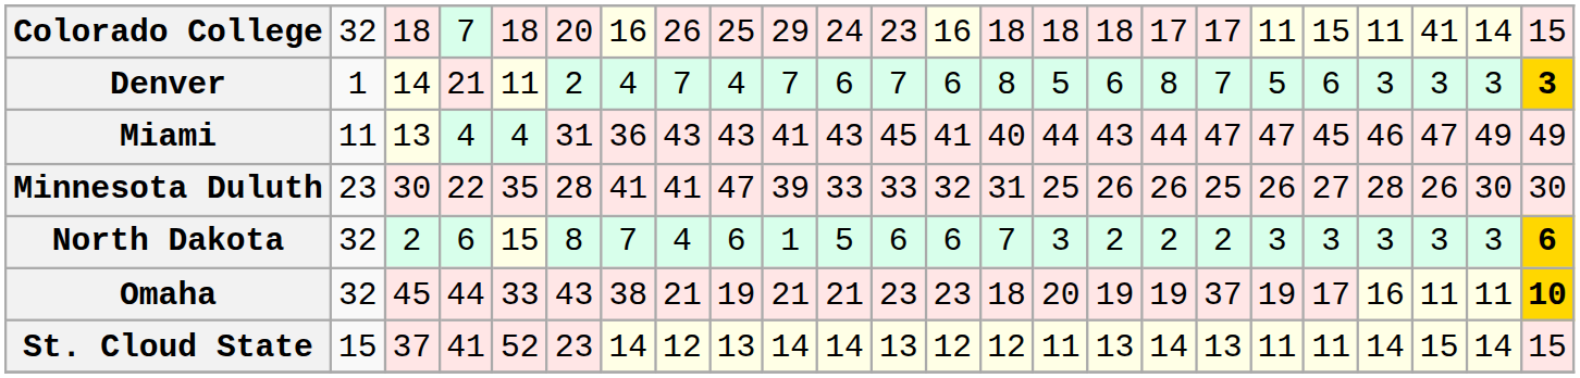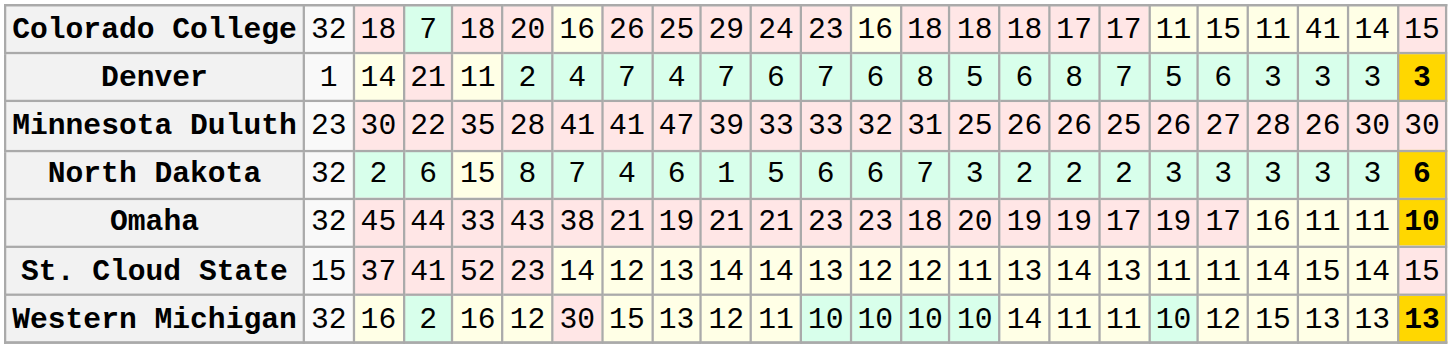 <table class="wikitable sortable" style="text-align: center;">
 <tr>
 </tr>
 <tr>
 <th>Colorado College</th>
 <td>32</td>
 <td bgcolor=FFE6E6>18</td>
 <td bgcolor=D8FFEB>7</td>
 <td bgcolor=FFE6E6>18</td>
 <td bgcolor=FFE6E6>20</td>
 <td bgcolor=FFFFE6>16</td>
 <td bgcolor=FFE6E6>26</td>
 <td bgcolor=FFE6E6>25</td>
 <td bgcolor=FFE6E6>29</td>
 <td bgcolor=FFE6E6>24</td>
 <td bgcolor=FFE6E6>23</td>
 <td bgcolor=FFFFE6>16</td>
 <td bgcolor=FFE6E6>18</td>
 <td bgcolor=FFE6E6>18</td>
 <td bgcolor=FFE6E6>18</td>
 <td bgcolor=FFE6E6>17</td>
 <td bgcolor=FFE6E6>17</td>
 <td bgcolor=FFFFE6>11</td>
 <td bgcolor=FFFFE6>15</td>
 <td bgcolor=FFFFE6>11</td>
 <td bgcolor=FFFFE6>41</td>
 <td bgcolor=FFFFE6>14</td>
 <td bgcolor=FFE6E6>15</td>
 </tr>
 <tr>
 <th>Denver</th>
 <td>1</td>
 <td bgcolor=FFFFE6>14</td>
 <td bgcolor=FFE6E6>21</td>
 <td bgcolor=FFFFE6>11</td>
 <td bgcolor=D8FFEB>2</td>
 <td bgcolor=D8FFEB>4</td>
 <td bgcolor=D8FFEB>7</td>
 <td bgcolor=D8FFEB>4</td>
 <td bgcolor=D8FFEB>7</td>
 <td bgcolor=D8FFEB>6</td>
 <td bgcolor=D8FFEB>7</td>
 <td bgcolor=D8FFEB>6</td>
 <td bgcolor=D8FFEB>8</td>
 <td bgcolor=D8FFEB>5</td>
 <td bgcolor=D8FFEB>6</td>
 <td bgcolor=D8FFEB>8</td>
 <td bgcolor=D8FFEB>7</td>
 <td bgcolor=D8FFEB>5</td>
 <td bgcolor=D8FFEB>6</td>
 <td bgcolor=D8FFEB>3</td>
 <td bgcolor=D8FFEB>3</td>
 <td bgcolor=D8FFEB>3</td>
 <td bgcolor=gold><strong>3</strong></td>
-</tr>
-<tr>
-<th>Miami</th>
-<td>11</td>
-<td bgcolor=FFFFE6>13</td>
-<td bgcolor=D8FFEB>4</td>
-<td bgcolor=D8FFEB>4</td>
-<td bgcolor=FFE6E6>31</td>
-<td bgcolor=FFE6E6>36</td>
-<td bgcolor=FFE6E6>43</td>
-<td bgcolor=FFE6E6>43</td>
-<td bgcolor=FFE6E6>41</td>
-<td bgcolor=FFE6E6>43</td>
-<td bgcolor=FFE6E6>45</td>
-<td bgcolor=FFE6E6>41</td>
-<td bgcolor=FFE6E6>40</td>
-<td bgcolor=FFE6E6>44</td>
-<td bgcolor=FFE6E6>43</td>
-<td bgcolor=FFE6E6>44</td>
-<td bgcolor=FFE6E6>47</td>
-<td bgcolor=FFE6E6>47</td>
-<td bgcolor=FFE6E6>45</td>
-<td bgcolor=FFE6E6>46</td>
-<td bgcolor=FFE6E6>47</td>
-<td bgcolor=FFE6E6>49</td>
-<td bgcolor=FFE6E6>49</td>
 </tr>
 <tr>
 <th>Minnesota Duluth</th>
 <td>23</td>
 <td bgcolor=FFE6E6>30</td>
 <td bgcolor=FFE6E6>22</td>
 <td bgcolor=FFE6E6>35</td>
 <td bgcolor=FFE6E6>28</td>
 <td bgcolor=FFE6E6>41</td>
 <td bgcolor=FFE6E6>41</td>
 <td bgcolor=FFE6E6>47</td>
 <td bgcolor=FFE6E6>39</td>
 <td bgcolor=FFE6E6>33</td>
 <td bgcolor=FFE6E6>33</td>
 <td bgcolor=FFE6E6>32</td>
 <td bgcolor=FFE6E6>31</td>
 <td bgcolor=FFE6E6>25</td>
 <td bgcolor=FFE6E6>26</td>
 <td bgcolor=FFE6E6>26</td>
 <td bgcolor=FFE6E6>25</td>
 <td bgcolor=FFE6E6>26</td>
 <td bgcolor=FFE6E6>27</td>
 <td bgcolor=FFE6E6>28</td>
 <td bgcolor=FFE6E6>26</td>
 <td bgcolor=FFE6E6>30</td>
 <td bgcolor=FFE6E6>30</td>
 </tr>
 <tr>
 <th>North Dakota</th>
 <td>32</td>
 <td bgcolor=D8FFEB>2</td>
 <td bgcolor=D8FFEB>6</td>
 <td bgcolor=FFFFE6>15</td>
 <td bgcolor=D8FFEB>8</td>
 <td bgcolor=D8FFEB>7</td>
 <td bgcolor=D8FFEB>4</td>
 <td bgcolor=D8FFEB>6</td>
 <td bgcolor=D8FFEB>1</td>
 <td bgcolor=D8FFEB>5</td>
 <td bgcolor=D8FFEB>6</td>
 <td bgcolor=D8FFEB>6</td>
 <td bgcolor=D8FFEB>7</td>
 <td bgcolor=D8FFEB>3</td>
 <td bgcolor=D8FFEB>2</td>
 <td bgcolor=D8FFEB>2</td>
 <td bgcolor=D8FFEB>2</td>
 <td bgcolor=D8FFEB>3</td>
 <td bgcolor=D8FFEB>3</td>
 <td bgcolor=D8FFEB>3</td>
 <td bgcolor=D8FFEB>3</td>
 <td bgcolor=D8FFEB>3</td>
 <td bgcolor=gold><strong>6</strong></td>
 </tr>
 <tr>
 <th>Omaha</th>
 <td>32</td>
 <td bgcolor=FFE6E6>45</td>
 <td bgcolor=FFE6E6>44</td>
 <td bgcolor=FFE6E6>33</td>
 <td bgcolor=FFE6E6>43</td>
 <td bgcolor=FFE6E6>38</td>
 <td bgcolor=FFE6E6>21</td>
 <td bgcolor=FFE6E6>19</td>
 <td bgcolor=FFE6E6>21</td>
 <td bgcolor=FFE6E6>21</td>
 <td bgcolor=FFE6E6>23</td>
 <td bgcolor=FFE6E6>23</td>
 <td bgcolor=FFE6E6>18</td>
 <td bgcolor=FFE6E6>20</td>
 <td bgcolor=FFE6E6>19</td>
 <td bgcolor=FFE6E6>19</td>
-<td bgcolor=FFE6E6>37</td>
+<td bgcolor=FFE6E6>17</td>
 <td bgcolor=FFE6E6>19</td>
 <td bgcolor=FFE6E6>17</td>
 <td bgcolor=FFFFE6>16</td>
 <td bgcolor=FFFFE6>11</td>
 <td bgcolor=FFFFE6>11</td>
 <td bgcolor=gold><strong>10</strong></td>
 </tr>
 <tr>
 <th>St. Cloud State</th>
 <td>15</td>
 <td bgcolor=FFE6E6>37</td>
 <td bgcolor=FFE6E6>41</td>
 <td bgcolor=FFE6E6>52</td>
 <td bgcolor=FFE6E6>23</td>
 <td bgcolor=FFFFE6>14</td>
 <td bgcolor=FFFFE6>12</td>
 <td bgcolor=FFFFE6>13</td>
 <td bgcolor=FFFFE6>14</td>
 <td bgcolor=FFFFE6>14</td>
 <td bgcolor=FFFFE6>13</td>
 <td bgcolor=FFFFE6>12</td>
 <td bgcolor=FFFFE6>12</td>
 <td bgcolor=FFFFE6>11</td>
 <td bgcolor=FFFFE6>13</td>
 <td bgcolor=FFFFE6>14</td>
 <td bgcolor=FFFFE6>13</td>
 <td bgcolor=FFFFE6>11</td>
 <td bgcolor=FFFFE6>11</td>
 <td bgcolor=FFFFE6>14</td>
 <td bgcolor=FFFFE6>15</td>
 <td bgcolor=FFFFE6>14</td>
 <td bgcolor=FFE6E6>15</td>
 </tr>
 <tr>
+<th>Western Michigan</th>
+<td>32</td>
+<td bgcolor=FFFFE6>16</td>
+<td bgcolor=D8FFEB>2</td>
+<td bgcolor=FFFFE6>16</td>
+<td bgcolor=FFFFE6>12</td>
+<td bgcolor=FFE6E6>30</td>
+<td bgcolor=FFFFE6>15</td>
+<td bgcolor=FFFFE6>13</td>
+<td bgcolor=FFFFE6>12</td>
+<td bgcolor=FFFFE6>11</td>
+<td bgcolor=D8FFEB>10</td>
+<td bgcolor=D8FFEB>10</td>
+<td bgcolor=D8FFEB>10</td>
+<td bgcolor=D8FFEB>10</td>
+<td bgcolor=FFFFE6>14</td>
+<td bgcolor=FFFFE6>11</td>
+<td bgcolor=FFFFE6>11</td>
+<td bgcolor=D8FFEB>10</td>
+<td bgcolor=FFFFE6>12</td>
+<td bgcolor=FFFFE6>15</td>
+<td bgcolor=FFFFE6>13</td>
+<td bgcolor=FFFFE6>13</td>
+<td bgcolor=gold><strong>13</strong></td>
+</tr>
+<tr>
 </tr>
 </table>
